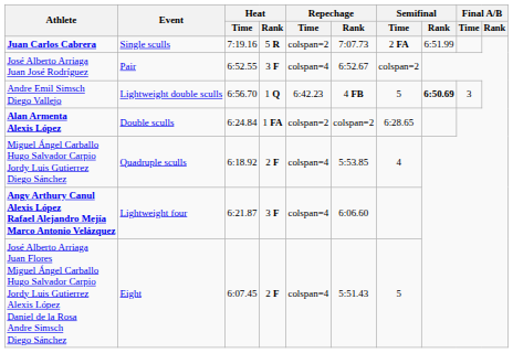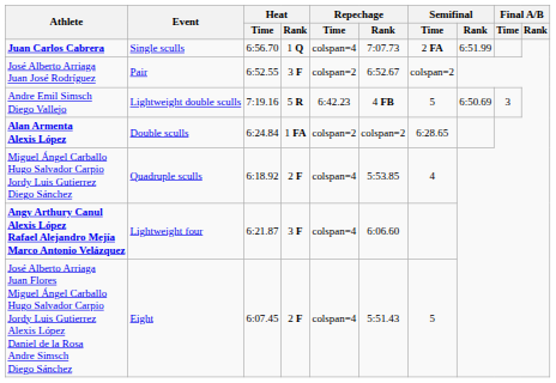 <table class=wikitable style=font-size:90%;text-align:center>
 <tr>
 <th rowspan=2>Athlete</th>
 <th rowspan=2>Event</th>
 <th colspan=2>Heat</th>
 <th colspan=2>Repechage</th>
 <th colspan=2>Semifinal</th>
 <th colspan=2>Final A/B</th>
 </tr>
 <tr style=font-size:95%>
 <th>Time</th>
 <th>Rank</th>
 <th>Time</th>
 <th>Rank</th>
 <th>Time</th>
 <th>Rank</th>
 <th>Time</th>
 <th>Rank</th>
 </tr>
 <tr>
 <td align=left><strong><a href='#'>Juan Carlos Cabrera</a></strong></td>
 <td align=left><a href='#'>Single sculls</a></td>
-<td>7:19.16</td>
-<td>5 <strong>R</strong></td>
-<td>colspan=2 </td>
+<td>6:56.70</td>
+<td>1 <strong>Q</strong></td>
+<td>colspan=4 </td>
 <td>7:07.73</td>
 <td>2 <strong>FA</strong></td>
 <td>6:51.99</td>
 <td></td>
 </tr>
 <tr>
 <td align=left><a href='#'>José Alberto Arriaga</a><br><a href='#'>Juan José Rodríguez</a></td>
 <td align=left><a href='#'>Pair</a></td>
 <td>6:52.55</td>
 <td>3 <strong>F</strong></td>
-<td>colspan=4 </td>
+<td>colspan=2 </td>
 <td>6:52.67</td>
 <td>colspan=2 </td>
 </tr>
 <tr>
 <td align=left><a href='#'>Andre Emil Simsch</a><br><a href='#'>Diego Vallejo</a></td>
 <td align=left><a href='#'>Lightweight double sculls</a></td>
-<td>6:56.70</td>
-<td>1 <strong>Q</strong></td>
+<td>7:19.16</td>
+<td>5 <strong>R</strong></td>
 <td>6:42.23</td>
 <td>4 <strong>FB</strong></td>
 <td>5</td>
-<td><strong>6:50.69</strong></td>
+<td>6:50.69</td>
 <td>3</td>
 </tr>
 <tr>
 <td align=left><strong><a href='#'>Alan Armenta</a><br><a href='#'>Alexis López</a></strong></td>
 <td align=left><a href='#'>Double sculls</a></td>
 <td>6:24.84</td>
 <td>1 <strong>FA</strong></td>
 <td>colspan=2 </td>
 <td>colspan=2 </td>
 <td>6:28.65</td>
 <td></td>
 </tr>
 <tr>
 <td align=left><a href='#'>Miguel Ángel Carballo</a><br><a href='#'>Hugo Salvador Carpio</a><br><a href='#'>Jordy Luis Gutierrez</a><br><a href='#'>Diego Sánchez</a></td>
 <td align=left><a href='#'>Quadruple sculls</a></td>
 <td>6:18.92</td>
 <td>2 <strong>F</strong></td>
 <td>colspan=4 </td>
 <td>5:53.85</td>
 <td>4</td>
 </tr>
 <tr>
 <td align=left><strong><a href='#'>Angy Arthury Canul</a><br><a href='#'>Alexis López</a><br><a href='#'>Rafael Alejandro Mejía</a><br><a href='#'>Marco Antonio Velázquez</a></strong></td>
 <td align=left><a href='#'>Lightweight four</a></td>
 <td>6:21.87</td>
 <td>3 <strong>F</strong></td>
 <td>colspan=4 </td>
 <td>6:06.60</td>
 <td></td>
 </tr>
 <tr>
 <td align=left><a href='#'>José Alberto Arriaga</a><br><a href='#'>Juan Flores</a><br><a href='#'>Miguel Ángel Carballo</a><br><a href='#'>Hugo Salvador Carpio</a><br><a href='#'>Jordy Luis Gutierrez</a><br><a href='#'>Alexis López</a><br><a href='#'>Daniel de la Rosa</a><br><a href='#'>Andre Simsch</a><br><a href='#'>Diego Sánchez</a></td>
 <td align=left><a href='#'>Eight</a></td>
 <td>6:07.45</td>
 <td>2 <strong>F</strong></td>
 <td>colspan=4 </td>
 <td>5:51.43</td>
 <td>5</td>
 </tr>
 </table>
